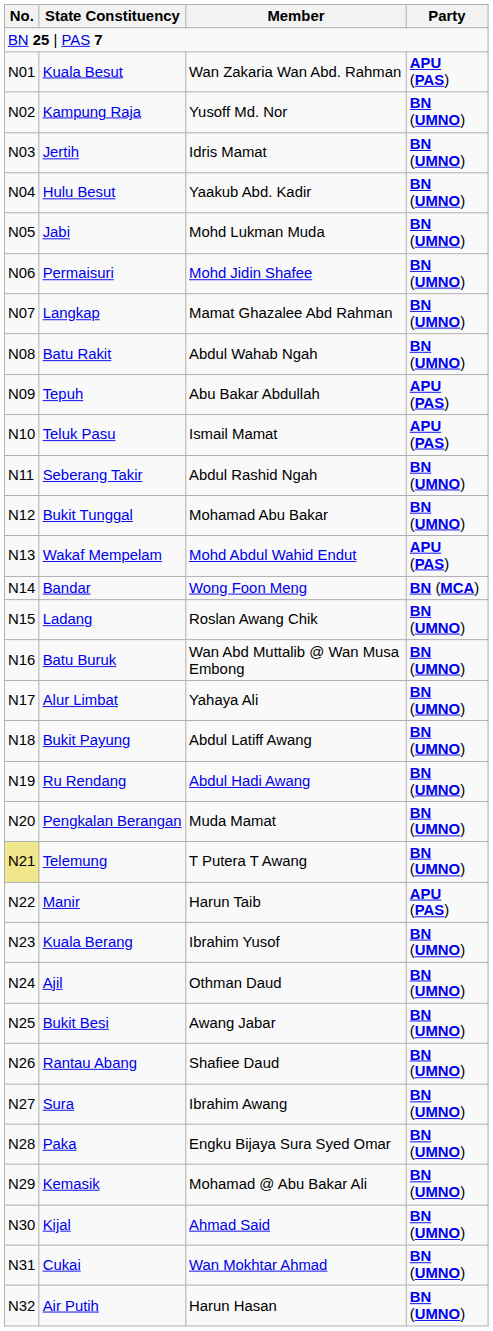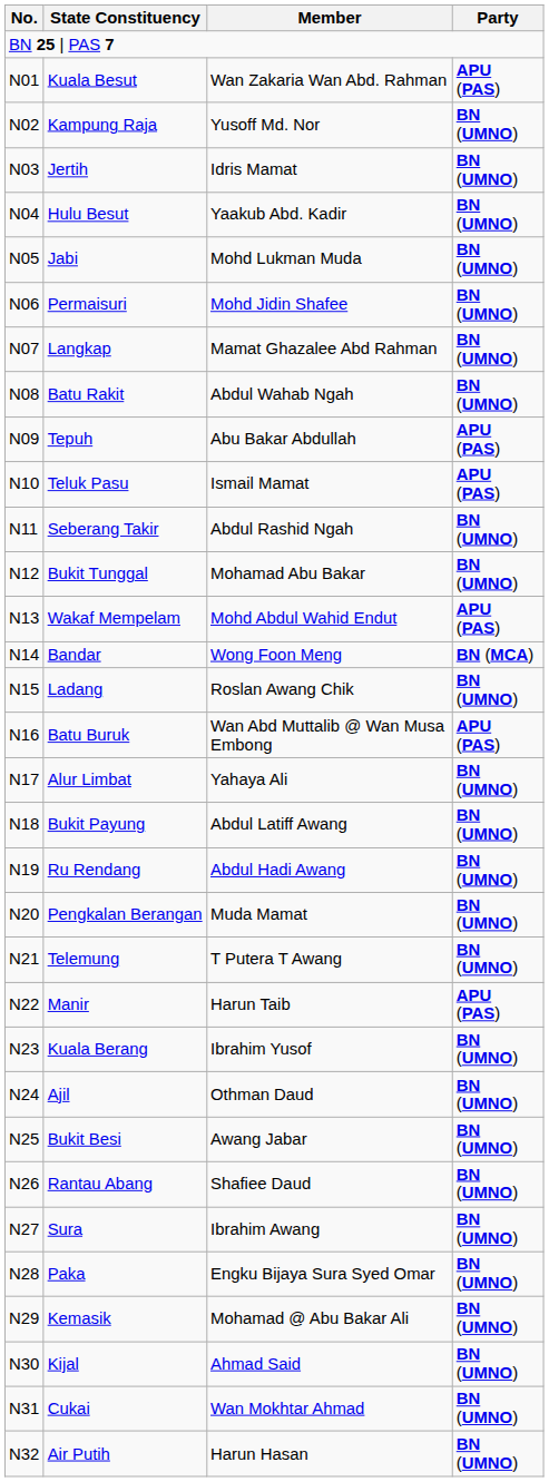 <table class="wikitable sortable">
 <tr>
 <th style="width:30px;">No.</th>
 <th style="width:150px;">State Constituency</th>
 <th style="width:230px;">Member</th>
 <th style="width:80px;">Party</th>
 </tr>
 <tr>
 <td colspan="4"><a href='#'>BN</a> <strong>25</strong> | <a href='#'>PAS</a> <strong>7</strong></td>
 </tr>
 <tr>
 <td>N01</td>
 <td><a href='#'>Kuala Besut</a></td>
 <td>Wan Zakaria Wan Abd. Rahman</td>
 <td><strong><a href='#'>APU</a></strong> (<strong><a href='#'>PAS</a></strong>)</td>
 </tr>
 <tr>
 <td>N02</td>
 <td><a href='#'>Kampung Raja</a></td>
 <td>Yusoff Md. Nor</td>
 <td><strong><a href='#'>BN</a></strong> (<strong><a href='#'>UMNO</a></strong>)</td>
 </tr>
 <tr>
 <td>N03</td>
 <td><a href='#'>Jertih</a></td>
 <td>Idris Mamat</td>
 <td><strong><a href='#'>BN</a></strong> (<strong><a href='#'>UMNO</a></strong>)</td>
 </tr>
 <tr>
 <td>N04</td>
 <td><a href='#'>Hulu Besut</a></td>
 <td>Yaakub Abd. Kadir</td>
 <td><strong><a href='#'>BN</a></strong> (<strong><a href='#'>UMNO</a></strong>)</td>
 </tr>
 <tr>
 <td>N05</td>
 <td><a href='#'>Jabi</a></td>
 <td>Mohd Lukman Muda</td>
 <td><strong><a href='#'>BN</a></strong> (<strong><a href='#'>UMNO</a></strong>)</td>
 </tr>
 <tr>
 <td>N06</td>
 <td><a href='#'>Permaisuri</a></td>
 <td><a href='#'>Mohd Jidin Shafee</a></td>
 <td><strong><a href='#'>BN</a></strong> (<strong><a href='#'>UMNO</a></strong>)</td>
 </tr>
 <tr>
 <td>N07</td>
 <td><a href='#'>Langkap</a></td>
 <td>Mamat Ghazalee Abd Rahman</td>
 <td><strong><a href='#'>BN</a></strong> (<strong><a href='#'>UMNO</a></strong>)</td>
 </tr>
 <tr>
 <td>N08</td>
 <td><a href='#'>Batu Rakit</a></td>
 <td>Abdul Wahab Ngah</td>
 <td><strong><a href='#'>BN</a></strong> (<strong><a href='#'>UMNO</a></strong>)</td>
 </tr>
 <tr>
 <td>N09</td>
 <td><a href='#'>Tepuh</a></td>
 <td>Abu Bakar Abdullah</td>
 <td><strong><a href='#'>APU</a></strong> (<strong><a href='#'>PAS</a></strong>)</td>
 </tr>
 <tr>
 <td>N10</td>
 <td><a href='#'>Teluk Pasu</a></td>
 <td>Ismail Mamat</td>
 <td><strong><a href='#'>APU</a></strong> (<strong><a href='#'>PAS</a></strong>)</td>
 </tr>
 <tr>
 <td>N11</td>
 <td><a href='#'>Seberang Takir</a></td>
 <td>Abdul Rashid Ngah</td>
 <td><strong><a href='#'>BN</a></strong> (<strong><a href='#'>UMNO</a></strong>)</td>
 </tr>
 <tr>
 <td>N12</td>
 <td><a href='#'>Bukit Tunggal</a></td>
 <td>Mohamad Abu Bakar</td>
 <td><strong><a href='#'>BN</a></strong> (<strong><a href='#'>UMNO</a></strong>)</td>
 </tr>
 <tr>
 <td>N13</td>
 <td><a href='#'>Wakaf Mempelam</a></td>
 <td><a href='#'>Mohd Abdul Wahid Endut</a></td>
 <td><strong><a href='#'>APU</a></strong> (<strong><a href='#'>PAS</a></strong>)</td>
 </tr>
 <tr>
 <td>N14</td>
 <td><a href='#'>Bandar</a></td>
 <td><a href='#'>Wong Foon Meng</a></td>
 <td><strong><a href='#'>BN</a></strong> (<strong><a href='#'>MCA</a></strong>)</td>
 </tr>
 <tr>
 <td>N15</td>
 <td><a href='#'>Ladang</a></td>
 <td>Roslan Awang Chik</td>
 <td><strong><a href='#'>BN</a></strong> (<strong><a href='#'>UMNO</a></strong>)</td>
 </tr>
 <tr>
 <td>N16</td>
 <td><a href='#'>Batu Buruk</a></td>
 <td>Wan Abd Muttalib @ Wan Musa Embong</td>
-<td><strong><a href='#'>BN</a></strong> (<strong><a href='#'>UMNO</a></strong>)</td>
+<td><strong><a href='#'>APU</a></strong> (<strong><a href='#'>PAS</a></strong>)</td>
 </tr>
 <tr>
 <td>N17</td>
 <td><a href='#'>Alur Limbat</a></td>
 <td>Yahaya Ali</td>
 <td><strong><a href='#'>BN</a></strong> (<strong><a href='#'>UMNO</a></strong>)</td>
 </tr>
 <tr>
 <td>N18</td>
 <td><a href='#'>Bukit Payung</a></td>
 <td>Abdul Latiff Awang</td>
 <td><strong><a href='#'>BN</a></strong> (<strong><a href='#'>UMNO</a></strong>)</td>
 </tr>
 <tr>
 <td>N19</td>
 <td><a href='#'>Ru Rendang</a></td>
 <td><a href='#'>Abdul Hadi Awang</a></td>
 <td><strong><a href='#'>BN</a></strong> (<strong><a href='#'>UMNO</a></strong>)</td>
 </tr>
 <tr>
 <td>N20</td>
 <td><a href='#'>Pengkalan Berangan</a></td>
 <td>Muda Mamat</td>
 <td><strong><a href='#'>BN</a></strong> (<strong><a href='#'>UMNO</a></strong>)</td>
 </tr>
 <tr>
-<td style="background: khaki;">N21</td>
+<td>N21</td>
 <td><a href='#'>Telemung</a></td>
 <td>T Putera T Awang</td>
 <td><strong><a href='#'>BN</a></strong> (<strong><a href='#'>UMNO</a></strong>)</td>
 </tr>
 <tr>
 <td>N22</td>
 <td><a href='#'>Manir</a></td>
 <td>Harun Taib</td>
 <td><strong><a href='#'>APU</a></strong> (<strong><a href='#'>PAS</a></strong>)</td>
 </tr>
 <tr>
 <td>N23</td>
 <td><a href='#'>Kuala Berang</a></td>
 <td>Ibrahim Yusof</td>
 <td><strong><a href='#'>BN</a></strong> (<strong><a href='#'>UMNO</a></strong>)</td>
 </tr>
 <tr>
 <td>N24</td>
 <td><a href='#'>Ajil</a></td>
 <td>Othman Daud</td>
 <td><strong><a href='#'>BN</a></strong> (<strong><a href='#'>UMNO</a></strong>)</td>
 </tr>
 <tr>
 <td>N25</td>
 <td><a href='#'>Bukit Besi</a></td>
 <td>Awang Jabar</td>
 <td><strong><a href='#'>BN</a></strong> (<strong><a href='#'>UMNO</a></strong>)</td>
 </tr>
 <tr>
 <td>N26</td>
 <td><a href='#'>Rantau Abang</a></td>
 <td>Shafiee Daud</td>
 <td><strong><a href='#'>BN</a></strong> (<strong><a href='#'>UMNO</a></strong>)</td>
 </tr>
 <tr>
 <td>N27</td>
 <td><a href='#'>Sura</a></td>
 <td>Ibrahim Awang</td>
 <td><strong><a href='#'>BN</a></strong> (<strong><a href='#'>UMNO</a></strong>)</td>
 </tr>
 <tr>
 <td>N28</td>
 <td><a href='#'>Paka</a></td>
 <td>Engku Bijaya Sura Syed Omar</td>
 <td><strong><a href='#'>BN</a></strong> (<strong><a href='#'>UMNO</a></strong>)</td>
 </tr>
 <tr>
 <td>N29</td>
 <td><a href='#'>Kemasik</a></td>
 <td>Mohamad @ Abu Bakar Ali</td>
 <td><strong><a href='#'>BN</a></strong> (<strong><a href='#'>UMNO</a></strong>)</td>
 </tr>
 <tr>
 <td>N30</td>
 <td><a href='#'>Kijal</a></td>
 <td><a href='#'>Ahmad Said</a></td>
 <td><strong><a href='#'>BN</a></strong> (<strong><a href='#'>UMNO</a></strong>)</td>
 </tr>
 <tr>
 <td>N31</td>
 <td><a href='#'>Cukai</a></td>
 <td><a href='#'>Wan Mokhtar Ahmad</a></td>
 <td><strong><a href='#'>BN</a></strong> (<strong><a href='#'>UMNO</a></strong>)</td>
 </tr>
 <tr>
 <td>N32</td>
 <td><a href='#'>Air Putih</a></td>
 <td>Harun Hasan</td>
 <td><strong><a href='#'>BN</a></strong> (<strong><a href='#'>UMNO</a></strong>)</td>
 </tr>
 </table>
